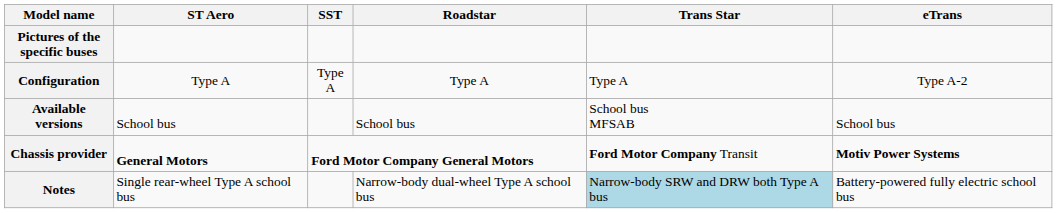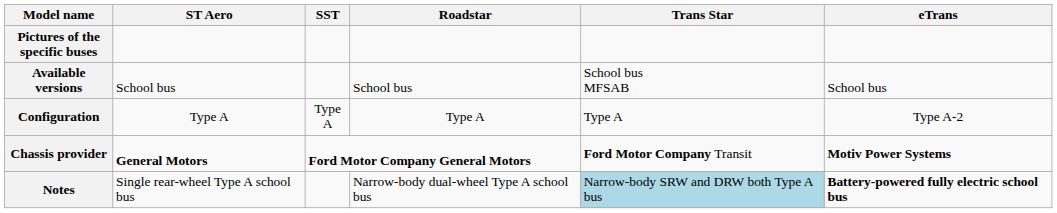 <table class="wikitable" border="1">
 <tr>
 <th>Model name</th>
 <th>ST Aero</th>
 <th>SST</th>
 <th>Roadstar</th>
 <th>Trans Star</th>
 <th>eTrans</th>
 </tr>
 <tr>
 <th>Pictures of the<br>specific buses</th>
 <td></td>
 <td></td>
 <td></td>
 <td></td>
 <td></td>
 </tr>
 <tr>
+<th>Available versions</th>
+<td><br>School bus</td>
+<td><br></td>
+<td><br>School bus</td>
+<td>School bus<br>MFSAB</td>
+<td><br>School bus</td>
+</tr>
+<tr>
 <th>Configuration</th>
 <td style="text-align:center">Type A</td>
 <td style="text-align:center">Type A</td>
 <td style="text-align:center">Type A</td>
 <td>Type A</td>
 <td style="text-align:center">Type A-2</td>
-</tr>
-<tr>
-<th>Available versions</th>
-<td><br>School bus</td>
-<td><br></td>
-<td><br>School bus</td>
-<td>School bus<br>MFSAB</td>
-<td><br>School bus</td>
 </tr>
 <tr>
 <th>Chassis provider</th>
 <td><br><strong>General Motors</strong> </td>
 <td style="text-align:left" colspan=2><br><strong>Ford Motor Company</strong>  <strong>General Motors</strong> </td>
 <td><strong>Ford Motor Company</strong> Transit</td>
 <td><strong>Motiv Power Systems</strong><br></td>
 </tr>
 <tr>
 <th>Notes</th>
 <td>Single rear-wheel Type A school bus</td>
 <td></td>
 <td>Narrow-body dual-wheel Type A school bus</td>
 <td style="background: lightblue;">Narrow-body SRW and DRW both Type A bus</td>
-<td>Battery-powered fully electric school bus</td>
+<td><strong>Battery-powered fully electric school bus</strong></td>
 </tr>
 </table>
